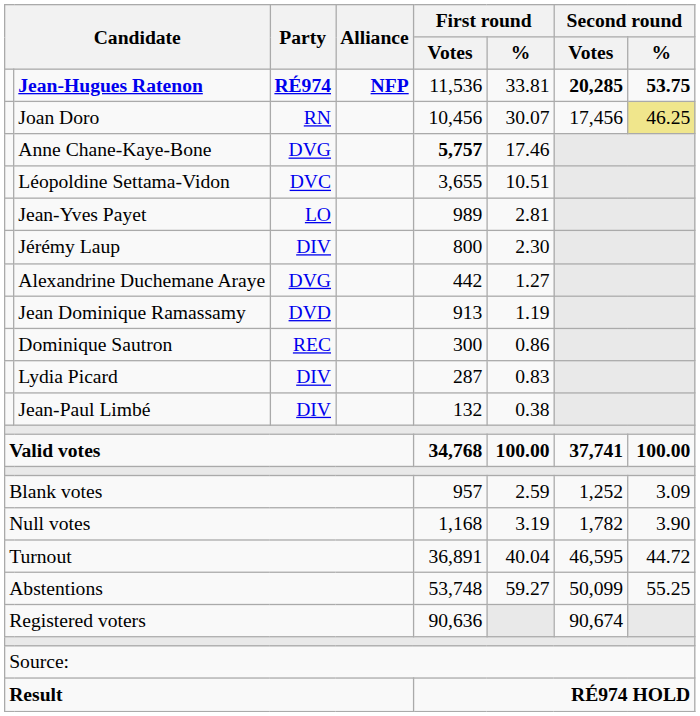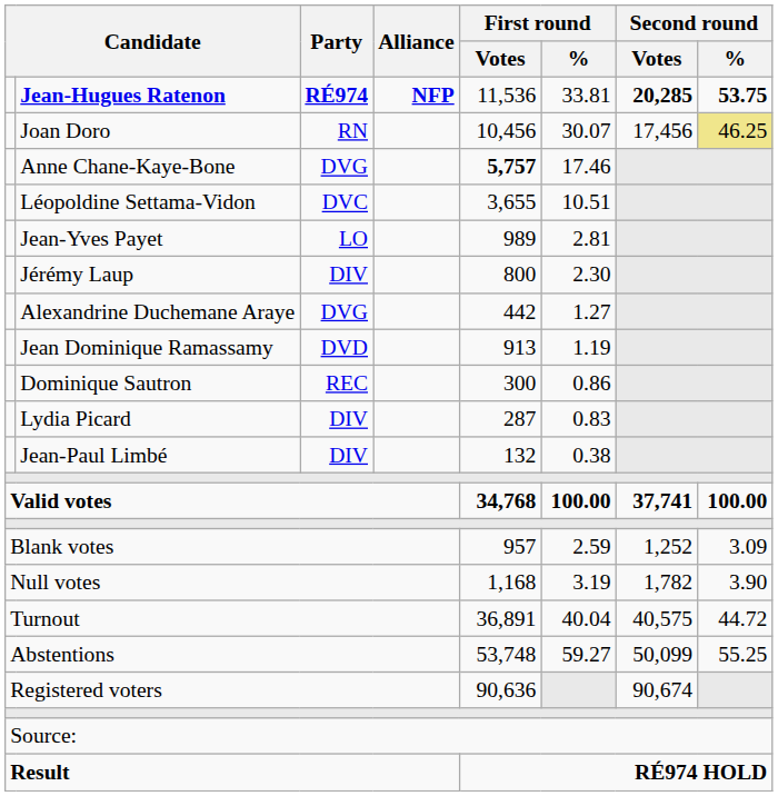 <table class="wikitable" style="text-align:right;font-size:95%;">
 <tr>
 <th colspan="2" rowspan="2">Candidate</th>
 <th colspan="1" rowspan="2">Party</th>
 <th colspan="1" rowspan="2">Alliance</th>
 <th colspan="2">First round</th>
 <th colspan="2">Second round</th>
 </tr>
 <tr>
 <th style="width:50px;">Votes</th>
 <th style="width:45px;">%</th>
 <th style="width:50px;">Votes</th>
 <th style="width:45px;">%</th>
 </tr>
 <tr>
 <td style="color:inherit;background:"></td>
 <td style="text-align:left;"><strong><a href='#'>Jean-Hugues Ratenon</a></strong></td>
 <td><a href='#'><strong>RÉ974</strong></a></td>
 <td><a href='#'><strong>NFP</strong></a></td>
 <td>11,536</td>
 <td>33.81</td>
 <td><strong>20,285</strong></td>
 <td><strong>53.75</strong></td>
 </tr>
 <tr>
 <td style="color:inherit;background:"></td>
 <td style="text-align:left;">Joan Doro</td>
 <td><a href='#'>RN</a></td>
 <td></td>
 <td>10,456</td>
 <td>30.07</td>
 <td>17,456</td>
 <td style="background: khaki;">46.25</td>
 </tr>
 <tr>
 <td style="color:inherit;background:"></td>
 <td style="text-align:left;">Anne Chane-Kaye-Bone</td>
 <td><a href='#'>DVG</a></td>
 <td></td>
 <td><strong>5,757</strong></td>
 <td>17.46</td>
 <td colspan="2" rowspan="1" style="background:#E9E9E9;"></td>
 </tr>
 <tr>
 <td style="color:inherit;background:"></td>
 <td style="text-align:left;">Léopoldine Settama-Vidon</td>
 <td><a href='#'>DVC</a></td>
 <td></td>
 <td>3,655</td>
 <td>10.51</td>
 <td colspan="2" rowspan="1" style="background:#E9E9E9;"></td>
 </tr>
 <tr>
 <td style="color:inherit;background:"></td>
 <td style="text-align:left;">Jean-Yves Payet</td>
 <td><a href='#'>LO</a></td>
 <td></td>
 <td>989</td>
 <td>2.81</td>
 <td colspan="2" rowspan="1" style="background:#E9E9E9;"></td>
 </tr>
 <tr>
 <td style="color:inherit;background:"></td>
 <td style="text-align:left;">Jérémy Laup</td>
 <td><a href='#'>DIV</a></td>
 <td></td>
 <td>800</td>
 <td>2.30</td>
 <td colspan="2" rowspan="1" style="background:#E9E9E9;"></td>
 </tr>
 <tr>
 <td style="color:inherit;background:"></td>
 <td style="text-align:left;">Alexandrine Duchemane Araye</td>
 <td><a href='#'>DVG</a></td>
 <td></td>
 <td>442</td>
 <td>1.27</td>
 <td colspan="2" style="background:#E9E9E9;"></td>
 </tr>
 <tr>
 <td style="color:inherit;background:"></td>
 <td style="text-align:left;">Jean Dominique Ramassamy</td>
 <td><a href='#'>DVD</a></td>
 <td></td>
 <td>913</td>
 <td>1.19</td>
 <td colspan="2" style="background:#E9E9E9;"></td>
 </tr>
 <tr>
 <td style="color:inherit;background:"></td>
 <td style="text-align:left;">Dominique Sautron</td>
 <td><a href='#'>REC</a></td>
 <td></td>
 <td>300</td>
 <td>0.86</td>
 <td colspan="2" style="background:#E9E9E9;"></td>
 </tr>
 <tr>
 <td style="color:inherit;background:"></td>
 <td style="text-align:left;">Lydia Picard</td>
 <td><a href='#'>DIV</a></td>
 <td></td>
 <td>287</td>
 <td>0.83</td>
 <td colspan="2" style="background:#E9E9E9;"></td>
 </tr>
 <tr>
 <td style="color:inherit;background:"></td>
 <td style="text-align:left;">Jean-Paul Limbé</td>
 <td><a href='#'>DIV</a></td>
 <td></td>
 <td>132</td>
 <td>0.38</td>
 <td colspan="2" style="background:#E9E9E9;"></td>
 </tr>
 <tr>
 <td colspan="8" style="background:#E9E9E9;"></td>
 </tr>
 <tr style="font-weight:bold;">
 <td colspan="4" style="text-align:left;">Valid votes</td>
 <td>34,768</td>
 <td>100.00</td>
 <td>37,741</td>
 <td>100.00</td>
 </tr>
 <tr>
 <td colspan="8" style="background:#E9E9E9;"></td>
 </tr>
 <tr>
 <td colspan="4" style="text-align:left;">Blank votes</td>
 <td>957</td>
 <td>2.59</td>
 <td>1,252</td>
 <td>3.09</td>
 </tr>
 <tr>
 <td colspan="4" style="text-align:left;">Null votes</td>
 <td>1,168</td>
 <td>3.19</td>
 <td>1,782</td>
 <td>3.90</td>
 </tr>
 <tr>
 <td colspan="4" style="text-align:left;">Turnout</td>
 <td>36,891</td>
 <td>40.04</td>
-<td>46,595</td>
+<td>40,575</td>
 <td>44.72</td>
 </tr>
 <tr>
 <td colspan="4" style="text-align:left;">Abstentions</td>
 <td>53,748</td>
 <td>59.27</td>
 <td>50,099</td>
 <td>55.25</td>
 </tr>
 <tr>
 <td colspan="4" style="text-align:left;">Registered voters</td>
 <td>90,636</td>
 <td style="background:#E9E9E9;"></td>
 <td>90,674</td>
 <td style="background:#E9E9E9;"></td>
 </tr>
 <tr>
 <td colspan="8" style="background:#E9E9E9;"></td>
 </tr>
 <tr>
 <td colspan="8" style="text-align:left;">Source: </td>
 </tr>
 <tr style="font-weight:bold">
 <td colspan="4" style="text-align:left;">Result</td>
 <td colspan="4" style="background-color:">RÉ974 HOLD</td>
 </tr>
 </table>
